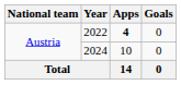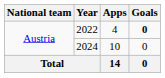 <table class="wikitable" style="text-align:center">
 <tr>
 <th>National team</th>
 <th>Year</th>
 <th>Apps</th>
 <th>Goals</th>
 </tr>
 <tr>
 <td rowspan=2><a href='#'>Austria</a></td>
 <td>2022</td>
-<td><strong>4</strong></td>
-<td>0</td>
+<td>4</td>
+<td><strong>0</strong></td>
 </tr>
 <tr>
 <td>2024</td>
 <td>10</td>
 <td>0</td>
 </tr>
 <tr>
 <th colspan="2">Total</th>
 <th>14</th>
 <th>0</th>
 </tr>
 </table>
